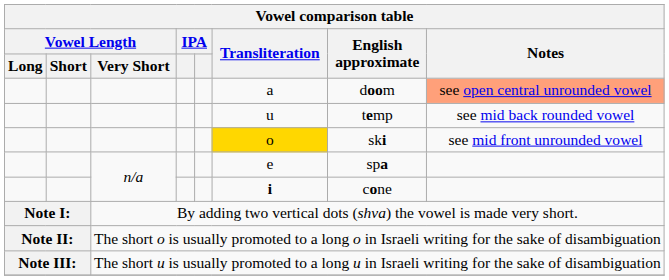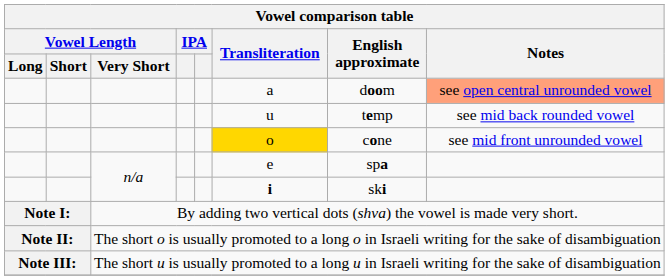 <table class="wikitable">
 <tr>
 <th ! colspan=8>Vowel comparison table</th>
 </tr>
 <tr align=center>
 <th colspan=3><a href='#'>Vowel Length</a><br></th>
 <th colspan=2><a href='#'>IPA</a></th>
 <th rowspan=2><a href='#'>Transliteration</a></th>
 <th rowspan=2>English<br>approximate</th>
 <th rowspan=2>Notes</th>
 </tr>
 <tr>
 <th>Long</th>
 <th>Short</th>
 <th>Very Short</th>
 <th></th>
 <th></th>
 </tr>
 <tr align=center>
 <td style="font-size:26px; padding-bottom:12px"></td>
 <td style="font-size:26px; padding-bottom:12px"></td>
 <td style="font-size:26px; padding-bottom:12px"></td>
 <td></td>
 <td></td>
 <td>a</td>
 <td>d<strong>oo</strong>m</td>
 <td style="background: lightsalmon;">see <a href='#'>open central unrounded vowel</a></td>
 </tr>
 <tr align=center>
 <td style="font-size:26px; padding-bottom:12px"></td>
 <td style="font-size:26px; padding-bottom:12px"></td>
 <td style="font-size:26px; padding-bottom:12px"></td>
 <td></td>
 <td></td>
 <td>u</td>
 <td>t<strong>e</strong>mp</td>
 <td>see <a href='#'>mid back rounded vowel</a></td>
 </tr>
 <tr align=center>
 <td style="font-size:26px; padding-bottom:12px; padding-top:12px"></td>
 <td style="font-size:26px; padding-bottom:12px"></td>
 <td style="font-size:26px; padding-bottom:12px"></td>
 <td></td>
 <td></td>
 <td style="background: gold;">o</td>
-<td>sk<strong>i</strong></td>
+<td>c<strong>o</strong>ne</td>
 <td>see <a href='#'>mid front unrounded vowel</a></td>
 </tr>
 <tr align=center>
 <td style="font-size:26px"></td>
 <td style="font-size:26px; padding-bottom:12px"></td>
 <td rowspan=2 align=center><em>n/a</em></td>
 <td></td>
 <td></td>
 <td>e</td>
 <td>sp<strong>a</strong></td>
 <td></td>
 </tr>
 <tr align=center>
 <td style="font-size:26px; padding-bottom:12px"></td>
 <td style="font-size:26px; padding-bottom:12px"></td>
 <td></td>
 <td></td>
 <td><strong>i</strong></td>
-<td>c<strong>o</strong>ne</td>
+<td>sk<strong>i</strong></td>
 <td></td>
 </tr>
 <tr align=center>
 <th colspan=2><strong>Note I:</strong></th>
 <td colspan=7>By adding two vertical dots (<em>shva</em>)  the vowel is made very short.</td>
 </tr>
 <tr>
 <th colspan=2><strong>Note II:</strong></th>
 <td colspan=7 align=center>The short <em>o</em> is usually promoted to a long <em>o</em> in Israeli writing for the sake of disambiguation</td>
 </tr>
 <tr>
 <th colspan=2><strong>Note III:</strong></th>
 <td colspan=7 align=center>The short <em>u</em> is usually promoted to a long <em>u</em> in Israeli writing for the sake of disambiguation</td>
 </tr>
 <tr>
 </tr>
 </table>
